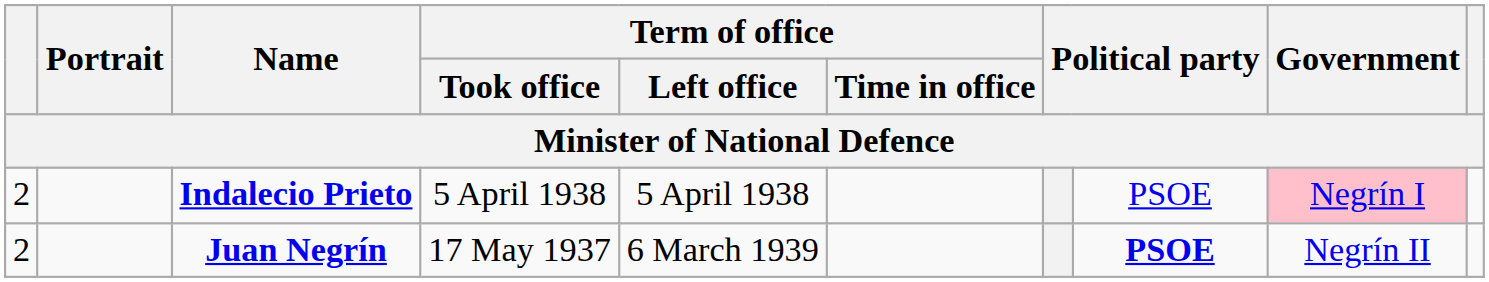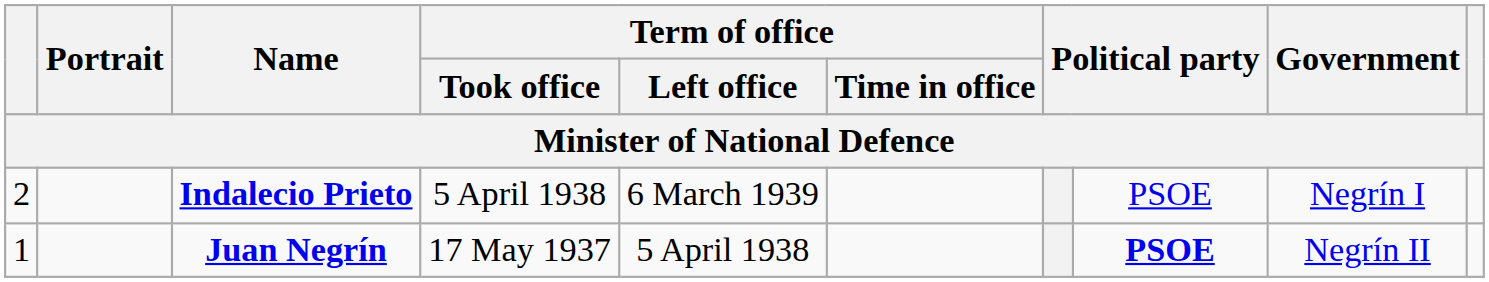 <table class="wikitable" style="text-align:center">
 <tr>
 <th rowspan=2></th>
 <th rowspan=2>Portrait</th>
 <th rowspan=2>Name<br></th>
 <th colspan=3>Term of office</th>
 <th colspan=2 rowspan=2>Political party</th>
 <th rowspan=2>Government</th>
 <th rowspan=2></th>
 </tr>
 <tr>
 <th>Took office</th>
 <th>Left office</th>
 <th>Time in office</th>
 </tr>
 <tr>
 <th colspan=10>Minister of National Defence</th>
 </tr>
 <tr>
 <td>2</td>
 <td></td>
 <td><strong><a href='#'>Indalecio Prieto</a></strong><br></td>
 <td>5 April 1938</td>
-<td>5 April 1938</td>
+<td>6 March 1939</td>
 <td></td>
 <th style="background:"></th>
 <td><a href='#'>PSOE</a></td>
-<td style="background: pink;"><a href='#'>Negrín I</a></td>
+<td><a href='#'>Negrín I</a></td>
 <td></td>
 </tr>
 <tr>
-<td>2</td>
+<td>1</td>
 <td></td>
 <td><strong><a href='#'>Juan Negrín</a></strong><br></td>
 <td>17 May 1937</td>
-<td>6 March 1939</td>
+<td>5 April 1938</td>
 <td></td>
 <th style="background:"></th>
 <td><strong><a href='#'>PSOE</a></strong></td>
 <td><a href='#'>Negrín II</a></td>
 <td></td>
 </tr>
 </table>
